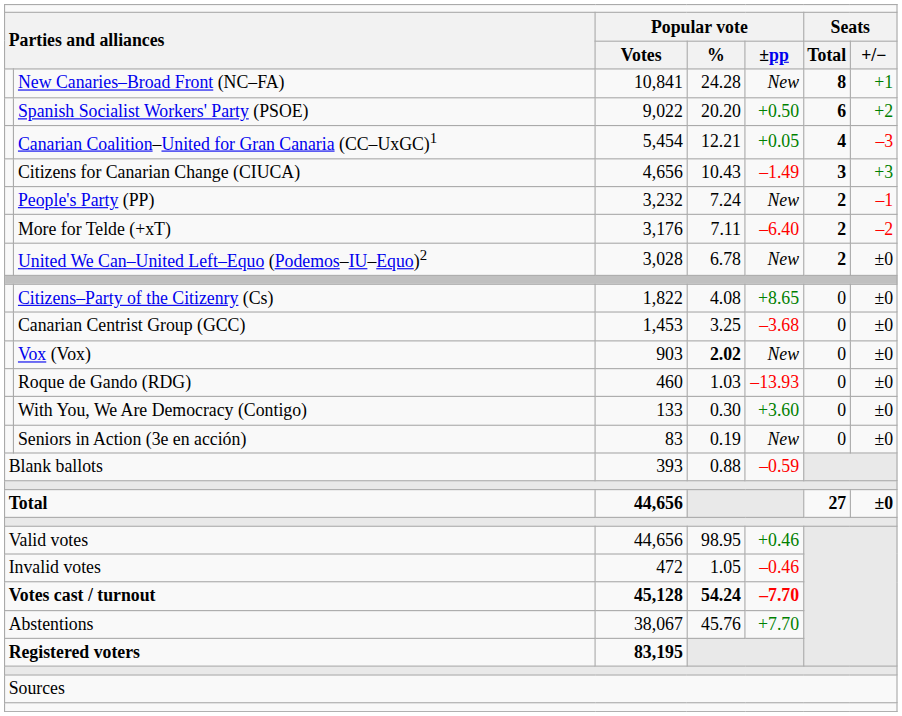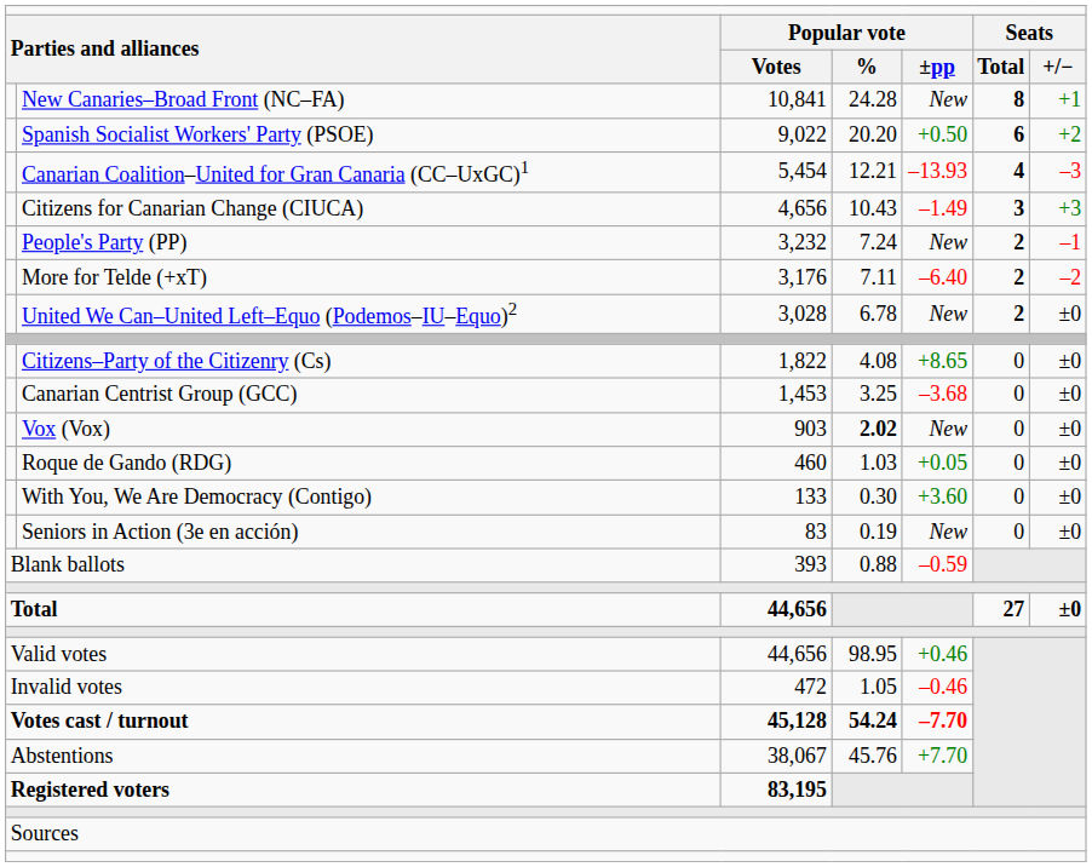 <table class="wikitable" style="text-align:right;">
 <tr>
 <td colspan="7"></td>
 </tr>
 <tr>
 <th style="text-align:left;" rowspan="2" colspan="2" width="525">Parties and alliances</th>
 <th colspan="3">Popular vote</th>
 <th colspan="2">Seats</th>
 </tr>
 <tr>
 <th width="75">Votes</th>
 <th width="45">%</th>
 <th width="45">±<a href='#'>pp</a></th>
 <th width="35">Total</th>
 <th width="35">+/−</th>
 </tr>
 <tr>
 <td width="1" style="color:inherit;background:"></td>
 <td align="left"><a href='#'>New Canaries–Broad Front</a> (NC–FA)</td>
 <td>10,841</td>
 <td>24.28</td>
 <td><em>New</em></td>
 <td><strong>8</strong></td>
 <td style="color:green;">+1</td>
 </tr>
 <tr>
 <td style="color:inherit;background:"></td>
 <td align="left"><a href='#'>Spanish Socialist Workers' Party</a> (PSOE)</td>
 <td>9,022</td>
 <td>20.20</td>
 <td style="color:green;">+0.50</td>
 <td><strong>6</strong></td>
 <td style="color:green;">+2</td>
 </tr>
 <tr>
 <td style="color:inherit;background:"></td>
 <td align="left"><a href='#'>Canarian Coalition</a>–<a href='#'>United for Gran Canaria</a> (CC–UxGC)<sup>1</sup></td>
 <td>5,454</td>
 <td>12.21</td>
-<td style="color:green;">+0.05</td>
+<td style="color:red;">–13.93</td>
 <td><strong>4</strong></td>
 <td style="color:red;">–3</td>
 </tr>
 <tr>
 <td style="color:inherit;background:"></td>
 <td align="left">Citizens for Canarian Change (CIUCA)</td>
 <td>4,656</td>
 <td>10.43</td>
 <td style="color:red;">–1.49</td>
 <td><strong>3</strong></td>
 <td style="color:green;">+3</td>
 </tr>
 <tr>
 <td style="color:inherit;background:"></td>
 <td align="left"><a href='#'>People's Party</a> (PP)</td>
 <td>3,232</td>
 <td>7.24</td>
 <td><em>New</em></td>
 <td><strong>2</strong></td>
 <td style="color:red;">–1</td>
 </tr>
 <tr>
 <td style="color:inherit;background:"></td>
 <td align="left">More for Telde (+xT)</td>
 <td>3,176</td>
 <td>7.11</td>
 <td style="color:red;">–6.40</td>
 <td><strong>2</strong></td>
 <td style="color:red;">–2</td>
 </tr>
 <tr>
 <td style="color:inherit;background:"></td>
 <td align="left"><a href='#'>United We Can–United Left–Equo</a> (<a href='#'>Podemos</a>–<a href='#'>IU</a>–<a href='#'>Equo</a>)<sup>2</sup></td>
 <td>3,028</td>
 <td>6.78</td>
 <td><em>New</em></td>
 <td><strong>2</strong></td>
 <td>±0</td>
 </tr>
 <tr>
 <td colspan="7" bgcolor="#C0C0C0"></td>
 </tr>
 <tr>
 <td style="color:inherit;background:"></td>
 <td align="left"><a href='#'>Citizens–Party of the Citizenry</a> (Cs)</td>
 <td>1,822</td>
 <td>4.08</td>
 <td style="color:green;">+8.65</td>
 <td>0</td>
 <td>±0</td>
 </tr>
 <tr>
 <td style="color:inherit;background:"></td>
 <td align="left">Canarian Centrist Group (GCC)</td>
 <td>1,453</td>
 <td>3.25</td>
 <td style="color:red;">–3.68</td>
 <td>0</td>
 <td>±0</td>
 </tr>
 <tr>
 <td style="color:inherit;background:"></td>
 <td align="left"><a href='#'>Vox</a> (Vox)</td>
 <td>903</td>
 <td><strong>2.02</strong></td>
 <td><em>New</em></td>
 <td>0</td>
 <td>±0</td>
 </tr>
 <tr>
 <td style="color:inherit;background:"></td>
 <td align="left">Roque de Gando (RDG)</td>
 <td>460</td>
 <td>1.03</td>
-<td style="color:red;">–13.93</td>
+<td style="color:green;">+0.05</td>
 <td>0</td>
 <td>±0</td>
 </tr>
 <tr>
 <td style="color:inherit;background:"></td>
 <td align="left">With You, We Are Democracy (Contigo)</td>
 <td>133</td>
 <td>0.30</td>
 <td style="color:green;">+3.60</td>
 <td>0</td>
 <td>±0</td>
 </tr>
 <tr>
 <td style="color:inherit;background:"></td>
 <td align="left">Seniors in Action (3e en acción)</td>
 <td>83</td>
 <td>0.19</td>
 <td><em>New</em></td>
 <td>0</td>
 <td>±0</td>
 </tr>
 <tr>
 <td align="left" colspan="2">Blank ballots</td>
 <td>393</td>
 <td>0.88</td>
 <td style="color:red;">–0.59</td>
 <td bgcolor="#E9E9E9" colspan="2"></td>
 </tr>
 <tr>
 <td colspan="7" bgcolor="#E9E9E9"></td>
 </tr>
 <tr style="font-weight:bold;">
 <td align="left" colspan="2">Total</td>
 <td>44,656</td>
 <td bgcolor="#E9E9E9" colspan="2"></td>
 <td>27</td>
 <td>±0</td>
 </tr>
 <tr>
 <td colspan="7" bgcolor="#E9E9E9"></td>
 </tr>
 <tr>
 <td align="left" colspan="2">Valid votes</td>
 <td>44,656</td>
 <td>98.95</td>
 <td style="color:green;">+0.46</td>
 <td bgcolor="#E9E9E9" colspan="2" rowspan="5"></td>
 </tr>
 <tr>
 <td align="left" colspan="2">Invalid votes</td>
 <td>472</td>
 <td>1.05</td>
 <td style="color:red;">–0.46</td>
 </tr>
 <tr style="font-weight:bold;">
 <td align="left" colspan="2">Votes cast / turnout</td>
 <td>45,128</td>
 <td>54.24</td>
 <td style="color:red;">–7.70</td>
 </tr>
 <tr>
 <td align="left" colspan="2">Abstentions</td>
 <td>38,067</td>
 <td>45.76</td>
 <td style="color:green;">+7.70</td>
 </tr>
 <tr style="font-weight:bold;">
 <td align="left" colspan="2">Registered voters</td>
 <td>83,195</td>
 <td bgcolor="#E9E9E9" colspan="2"></td>
 </tr>
 <tr>
 <td colspan="7" bgcolor="#E9E9E9"></td>
 </tr>
 <tr>
 <td align="left" colspan="7">Sources</td>
 </tr>
 <tr>
 <td colspan="7" style="text-align:left; max-width:790px;"></td>
 </tr>
 </table>
